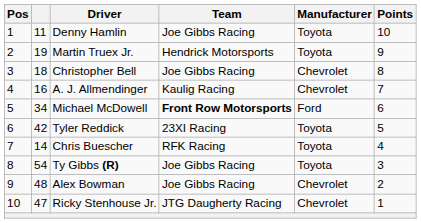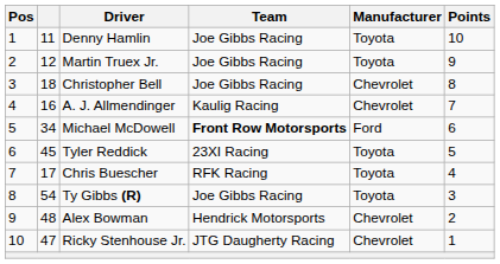 <table class="wikitable" style="font-size:98%">
 <tr>
 <th>Pos</th>
 <th></th>
 <th>Driver</th>
 <th>Team</th>
 <th>Manufacturer</th>
 <th>Points</th>
 </tr>
 <tr>
 <td>1</td>
 <td>11</td>
 <td>Denny Hamlin</td>
 <td>Joe Gibbs Racing</td>
 <td>Toyota</td>
 <td>10</td>
 </tr>
 <tr>
 <td>2</td>
-<td>19</td>
+<td>12</td>
 <td>Martin Truex Jr.</td>
-<td>Hendrick Motorsports</td>
+<td>Joe Gibbs Racing</td>
 <td>Toyota</td>
 <td>9</td>
 </tr>
 <tr>
 <td>3</td>
 <td>18</td>
 <td>Christopher Bell</td>
 <td>Joe Gibbs Racing</td>
 <td>Chevrolet</td>
 <td>8</td>
 </tr>
 <tr>
 <td>4</td>
 <td>16</td>
 <td>A. J. Allmendinger</td>
 <td>Kaulig Racing</td>
 <td>Chevrolet</td>
 <td>7</td>
 </tr>
 <tr>
 <td>5</td>
 <td>34</td>
 <td>Michael McDowell</td>
 <td><strong>Front Row Motorsports</strong></td>
 <td>Ford</td>
 <td>6</td>
 </tr>
 <tr>
 <td>6</td>
-<td>42</td>
+<td>45</td>
 <td>Tyler Reddick</td>
 <td>23XI Racing</td>
 <td>Toyota</td>
 <td>5</td>
 </tr>
 <tr>
 <td>7</td>
-<td>14</td>
+<td>17</td>
 <td>Chris Buescher</td>
 <td>RFK Racing</td>
 <td>Toyota</td>
 <td>4</td>
 </tr>
 <tr>
 <td>8</td>
 <td>54</td>
 <td>Ty Gibbs <strong>(R)</strong></td>
 <td>Joe Gibbs Racing</td>
 <td>Toyota</td>
 <td>3</td>
 </tr>
 <tr>
 <td>9</td>
 <td>48</td>
 <td>Alex Bowman</td>
-<td>Joe Gibbs Racing</td>
+<td>Hendrick Motorsports</td>
 <td>Chevrolet</td>
 <td>2</td>
 </tr>
 <tr>
 <td>10</td>
 <td>47</td>
 <td>Ricky Stenhouse Jr.</td>
 <td>JTG Daugherty Racing</td>
 <td>Chevrolet</td>
 <td>1</td>
 </tr>
 <tr>
 <th colspan="6"></th>
 </tr>
 </table>
